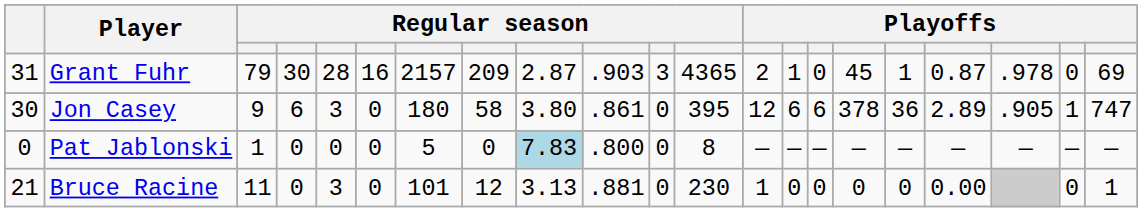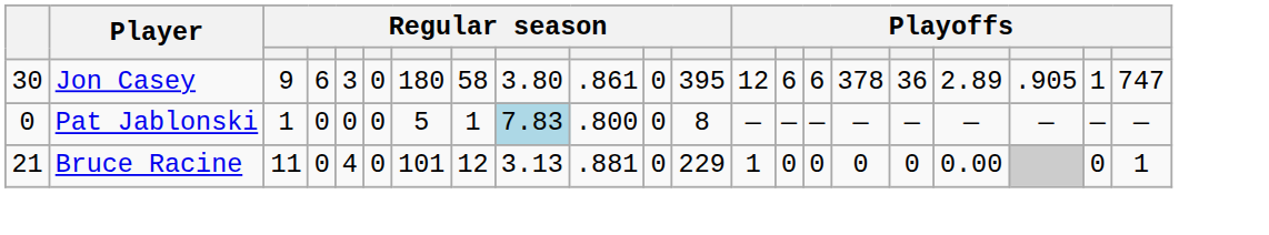 <table class="wikitable plainrowheaders" style="text-align:center;">
 <tr>
 <th scope="col" rowspan="2"></th>
 <th scope="col" rowspan="2">Player</th>
 <th scope=colgroup colspan=10>Regular season</th>
 <th scope=colgroup colspan=9>Playoffs</th>
 </tr>
 <tr>
 <th scope="col"></th>
 <th scope="col"></th>
 <th scope="col"></th>
 <th scope="col"></th>
 <th scope="col"></th>
 <th scope="col"></th>
 <th scope="col"></th>
 <th scope="col"></th>
 <th scope="col"></th>
 <th scope="col"></th>
 <th scope="col"></th>
 <th scope="col"></th>
 <th scope="col"></th>
 <th scope="col"></th>
 <th scope="col"></th>
 <th scope="col"></th>
 <th scope="col"></th>
 <th scope="col"></th>
 <th scope="col"></th>
-</tr>
-<tr>
-<td scope="row">31</td>
-<td align="left"><a href='#'>Grant Fuhr</a></td>
-<td>79</td>
-<td>30</td>
-<td>28</td>
-<td>16</td>
-<td>2157</td>
-<td>209</td>
-<td>2.87</td>
-<td>.903</td>
-<td>3</td>
-<td>4365</td>
-<td>2</td>
-<td>1</td>
-<td>0</td>
-<td>45</td>
-<td>1</td>
-<td>0.87</td>
-<td>.978</td>
-<td>0</td>
-<td>69</td>
 </tr>
 <tr>
 <td scope="row">30</td>
 <td align="left"><a href='#'>Jon Casey</a></td>
 <td>9</td>
 <td>6</td>
 <td>3</td>
 <td>0</td>
 <td>180</td>
 <td>58</td>
 <td>3.80</td>
 <td>.861</td>
 <td>0</td>
 <td>395</td>
 <td>12</td>
 <td>6</td>
 <td>6</td>
 <td>378</td>
 <td>36</td>
 <td>2.89</td>
 <td>.905</td>
 <td>1</td>
 <td>747</td>
 </tr>
 <tr>
 <td scope="row">0</td>
 <td align="left"><a href='#'>Pat Jablonski</a></td>
 <td>1</td>
 <td>0</td>
 <td>0</td>
 <td>0</td>
 <td>5</td>
-<td>0</td>
+<td>1</td>
 <td style="background: lightblue;">7.83</td>
 <td>.800</td>
 <td>0</td>
 <td>8</td>
 <td>—</td>
 <td>—</td>
 <td>—</td>
 <td>—</td>
 <td>—</td>
 <td>—</td>
 <td>—</td>
 <td>—</td>
 <td>—</td>
 </tr>
 <tr>
 <td scope="row">21</td>
 <td align="left"><a href='#'>Bruce Racine</a></td>
 <td>11</td>
 <td>0</td>
-<td>3</td>
+<td>4</td>
 <td>0</td>
 <td>101</td>
 <td>12</td>
 <td>3.13</td>
 <td>.881</td>
 <td>0</td>
-<td>230</td>
+<td>229</td>
 <td>1</td>
 <td>0</td>
 <td>0</td>
 <td>0</td>
 <td>0</td>
 <td>0.00</td>
 <td style="background:#ccc"></td>
 <td>0</td>
 <td>1</td>
 </tr>
 </table>
